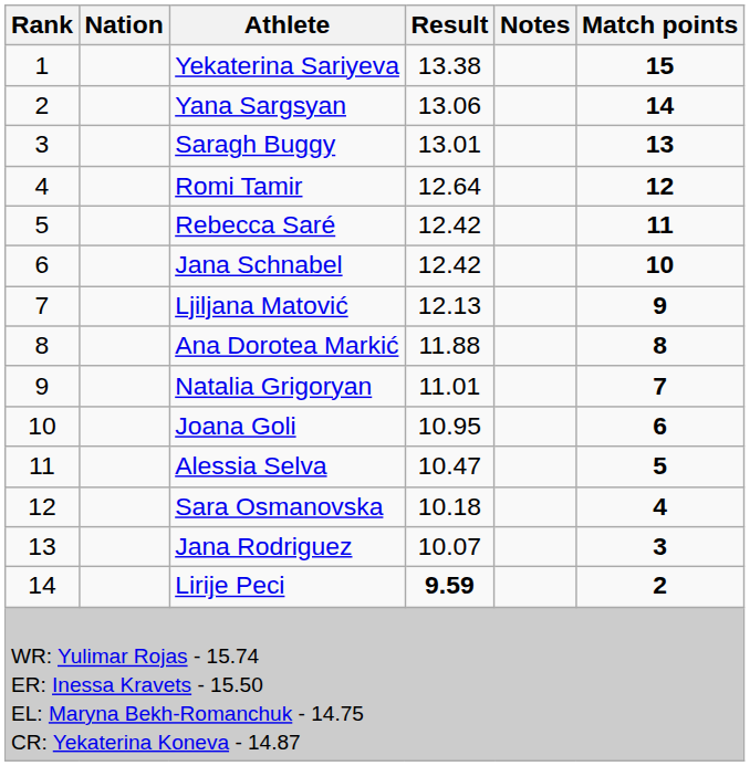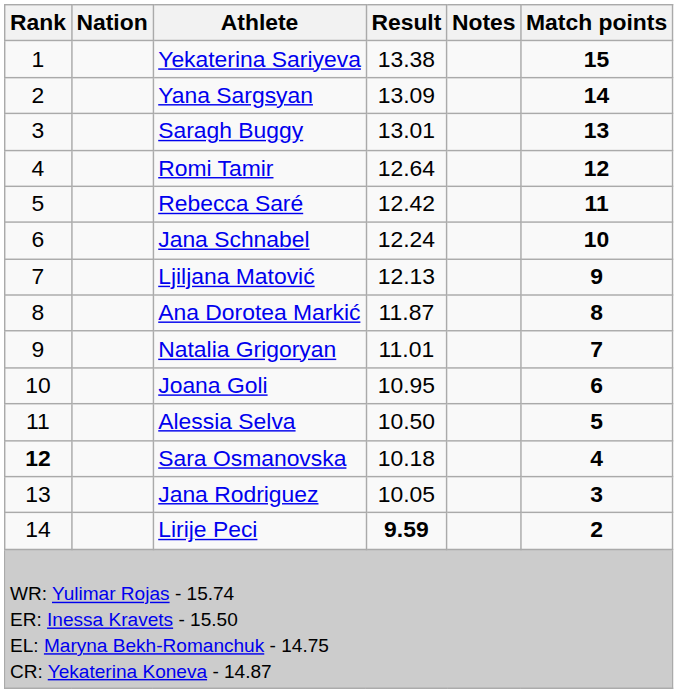 <table class="wikitable sortable" style="text-align:left;">
 <tr>
 <th>Rank</th>
 <th>Nation</th>
 <th>Athlete</th>
 <th>Result</th>
 <th>Notes</th>
 <th>Match points</th>
 </tr>
 <tr>
 <td align=center>1</td>
 <td></td>
 <td><a href='#'>Yekaterina Sariyeva</a></td>
 <td align=center>13.38</td>
 <td></td>
 <td align=center><strong>15</strong></td>
 </tr>
 <tr>
 <td align=center>2</td>
 <td></td>
 <td><a href='#'>Yana Sargsyan</a></td>
-<td align=center>13.06</td>
+<td align=center>13.09</td>
 <td align=center></td>
 <td align=center><strong>14</strong></td>
 </tr>
 <tr>
 <td align=center>3</td>
 <td></td>
 <td><a href='#'>Saragh Buggy</a></td>
 <td align=center>13.01</td>
 <td></td>
 <td align=center><strong>13</strong></td>
 </tr>
 <tr>
 <td align=center>4</td>
 <td></td>
 <td><a href='#'>Romi Tamir</a></td>
 <td align=center>12.64</td>
 <td></td>
 <td align=center><strong>12</strong></td>
 </tr>
 <tr>
 <td align=center>5</td>
 <td></td>
 <td><a href='#'>Rebecca Saré</a></td>
 <td align=center>12.42</td>
 <td></td>
 <td align=center><strong>11</strong></td>
 </tr>
 <tr>
 <td align=center>6</td>
 <td></td>
 <td><a href='#'>Jana Schnabel</a></td>
-<td align=center>12.42</td>
+<td align=center>12.24</td>
 <td align=center></td>
 <td align=center><strong>10</strong></td>
 </tr>
 <tr>
 <td align=center>7</td>
 <td></td>
 <td><a href='#'>Ljiljana Matović</a></td>
 <td align=center>12.13</td>
 <td></td>
 <td align=center><strong>9</strong></td>
 </tr>
 <tr>
 <td align=center>8</td>
 <td></td>
 <td><a href='#'>Ana Dorotea Markić</a></td>
-<td align=center>11.88</td>
+<td align=center>11.87</td>
 <td align=center></td>
 <td align=center><strong>8</strong></td>
 </tr>
 <tr>
 <td align=center>9</td>
 <td></td>
 <td><a href='#'>Natalia Grigoryan</a></td>
 <td align=center>11.01</td>
 <td align=center></td>
 <td align=center><strong>7</strong></td>
 </tr>
 <tr>
 <td align=center>10</td>
 <td></td>
 <td><a href='#'>Joana Goli</a></td>
 <td align=center>10.95</td>
 <td align=center></td>
 <td align=center><strong>6</strong></td>
 </tr>
 <tr>
 <td align=center>11</td>
 <td></td>
 <td><a href='#'>Alessia Selva</a></td>
-<td align=center>10.47</td>
+<td align=center>10.50</td>
 <td></td>
 <td align=center><strong>5</strong></td>
 </tr>
 <tr>
-<td align=center>12</td>
+<td align=center><strong>12</strong></td>
 <td></td>
 <td><a href='#'>Sara Osmanovska</a></td>
 <td align=center>10.18</td>
 <td align=center></td>
 <td align=center><strong>4</strong></td>
 </tr>
 <tr>
 <td align=center>13</td>
 <td></td>
 <td><a href='#'>Jana Rodriguez</a></td>
-<td align=center>10.07</td>
+<td align=center>10.05</td>
 <td align=center></td>
 <td align=center><strong>3</strong></td>
 </tr>
 <tr>
 <td align=center>14</td>
 <td></td>
 <td><a href='#'>Lirije Peci</a></td>
 <td align=center><strong>9.59</strong></td>
 <td align=center></td>
 <td align=center><strong>2</strong></td>
 </tr>
 <tr>
 <td colspan="6" bgcolor="#cccccc"><br> <small>WR:  <a href='#'>Yulimar Rojas</a> - 15.74<br>ER:  <a href='#'>Inessa Kravets</a> - 15.50<br></small> <small>EL:   <a href='#'>Maryna Bekh-Romanchuk</a> - 14.75<br>CR:  <a href='#'>Yekaterina Koneva</a> - 14.87</small></td>
 </tr>
 </table>
